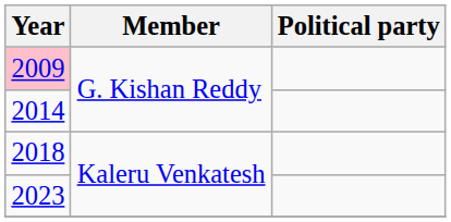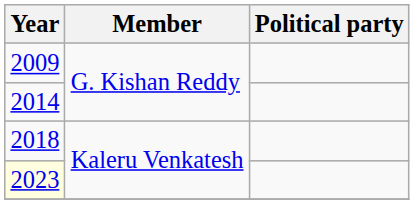 <table class="wikitable sortable">
 <tr>
 <th>Year</th>
 <th>Member</th>
 <th colspan="2">Political party</th>
 </tr>
 <tr>
-<td style="background: pink;"><a href='#'>2009</a></td>
+<td><a href='#'>2009</a></td>
 <td rowspan="2"><a href='#'>G. Kishan Reddy</a></td>
 <td></td>
 </tr>
 <tr>
 <td><a href='#'>2014</a></td>
 </tr>
 <tr>
 <td><a href='#'>2018</a></td>
 <td rowspan=2><a href='#'>Kaleru Venkatesh</a></td>
 <td></td>
 </tr>
 <tr>
-<td><a href='#'>2023</a></td>
+<td style="background: lightyellow;"><a href='#'>2023</a></td>
 <td></td>
 </tr>
 <tr>
 </tr>
 </table>
